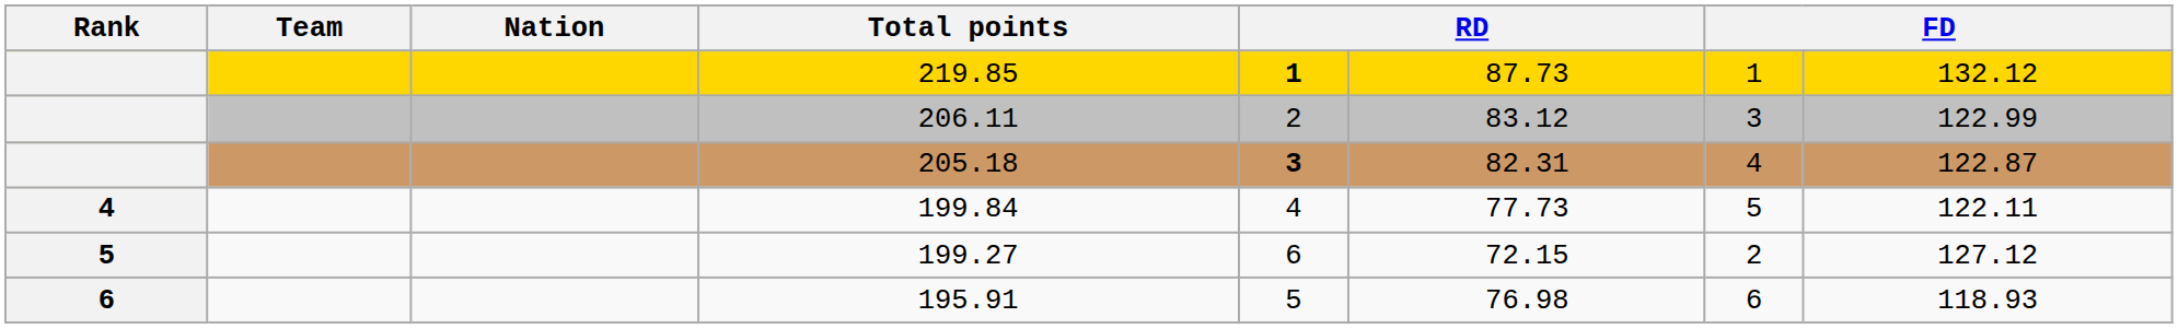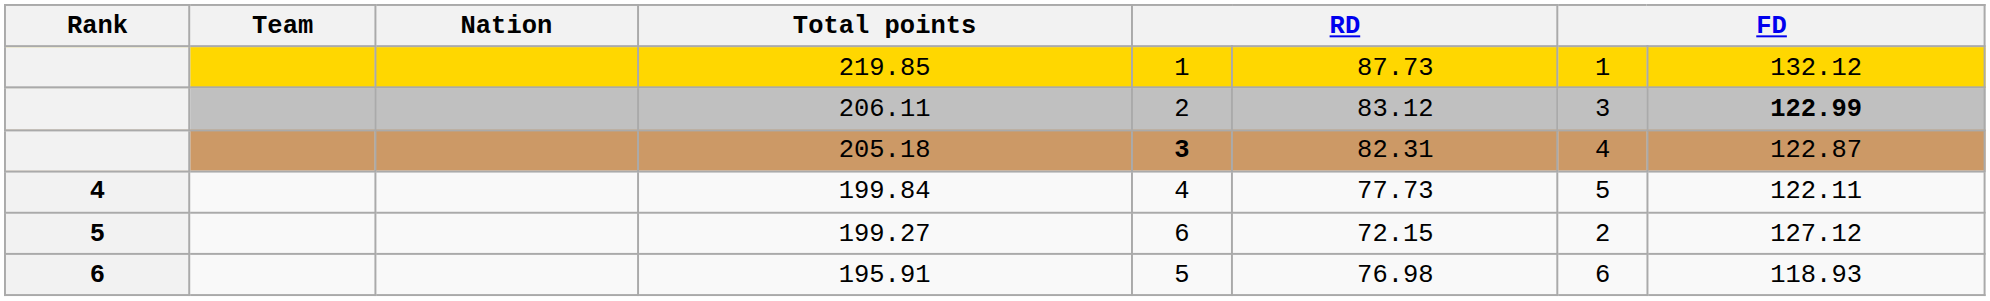 <table class="wikitable sortable" style="text-align:center;" width="80%">
 <tr>
 <th scope="col">Rank</th>
 <th scope="col">Team</th>
 <th scope="col">Nation</th>
 <th scope="col">Total points</th>
 <th scope="col" colspan="2" width="80px"><a href='#'>RD</a></th>
 <th scope="col" colspan="2" width="80px"><a href='#'>FD</a></th>
 </tr>
 <tr bgcolor="gold">
 <th scope="row"></th>
 <td align="left"></td>
 <td align="left"></td>
 <td>219.85</td>
-<td><strong>1</strong></td>
+<td>1</td>
 <td>87.73</td>
 <td>1</td>
 <td>132.12</td>
 </tr>
 <tr bgcolor="silver">
 <th scope="row"></th>
 <td align="left"></td>
 <td align="left"></td>
 <td>206.11</td>
 <td>2</td>
 <td>83.12</td>
 <td>3</td>
-<td>122.99</td>
+<td><strong>122.99</strong></td>
 </tr>
 <tr bgcolor="cc9966">
 <th scope="row"></th>
 <td align="left"></td>
 <td align="left"></td>
 <td>205.18</td>
 <td><strong>3</strong></td>
 <td>82.31</td>
 <td>4</td>
 <td>122.87</td>
 </tr>
 <tr>
 <th scope="row">4</th>
 <td align="left"></td>
 <td align="left"></td>
 <td>199.84</td>
 <td>4</td>
 <td>77.73</td>
 <td>5</td>
 <td>122.11</td>
 </tr>
 <tr>
 <th scope="row">5</th>
 <td align="left"></td>
 <td align="left"></td>
 <td>199.27</td>
 <td>6</td>
 <td>72.15</td>
 <td>2</td>
 <td>127.12</td>
 </tr>
 <tr>
 <th scope="row">6</th>
 <td align="left"></td>
 <td align="left"></td>
 <td>195.91</td>
 <td>5</td>
 <td>76.98</td>
 <td>6</td>
 <td>118.93</td>
 </tr>
 </table>
